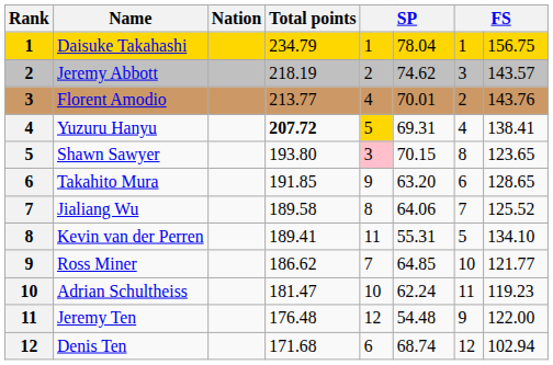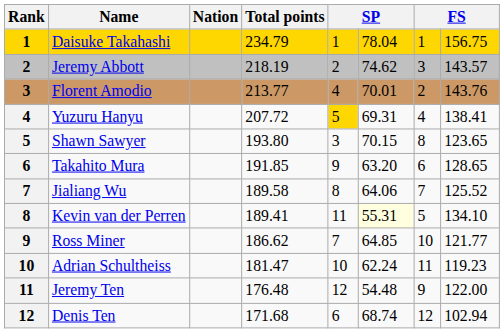 <table class="wikitable sortable">
 <tr>
 <th>Rank</th>
 <th>Name</th>
 <th>Nation</th>
 <th>Total points</th>
 <th colspan="2" width="80px"><a href='#'>SP</a></th>
 <th colspan="2" width="80px"><a href='#'>FS</a></th>
 </tr>
 <tr bgcolor="gold">
 <td align="center"><strong>1</strong></td>
 <td><a href='#'>Daisuke Takahashi</a></td>
 <td></td>
 <td>234.79</td>
 <td>1</td>
 <td>78.04</td>
 <td>1</td>
 <td>156.75</td>
 </tr>
 <tr bgcolor="silver">
 <td align="center"><strong>2</strong></td>
 <td><a href='#'>Jeremy Abbott</a></td>
 <td></td>
 <td>218.19</td>
 <td>2</td>
 <td>74.62</td>
 <td>3</td>
 <td>143.57</td>
 </tr>
 <tr bgcolor="cc9966">
 <td align="center"><strong>3</strong></td>
 <td><a href='#'>Florent Amodio</a></td>
 <td></td>
 <td>213.77</td>
 <td>4</td>
 <td>70.01</td>
 <td>2</td>
 <td>143.76</td>
 </tr>
 <tr>
 <th>4</th>
 <td><a href='#'>Yuzuru Hanyu</a></td>
 <td></td>
-<td><strong>207.72</strong></td>
+<td>207.72</td>
 <td style="background: gold;">5</td>
 <td>69.31</td>
 <td>4</td>
 <td>138.41</td>
 </tr>
 <tr>
 <th>5</th>
 <td><a href='#'>Shawn Sawyer</a></td>
 <td></td>
 <td>193.80</td>
-<td style="background: pink;">3</td>
+<td>3</td>
 <td>70.15</td>
 <td>8</td>
 <td>123.65</td>
 </tr>
 <tr>
 <th>6</th>
 <td><a href='#'>Takahito Mura</a></td>
 <td></td>
 <td>191.85</td>
 <td>9</td>
 <td>63.20</td>
 <td>6</td>
 <td>128.65</td>
 </tr>
 <tr>
 <th>7</th>
 <td><a href='#'>Jialiang Wu</a></td>
 <td></td>
 <td>189.58</td>
 <td>8</td>
 <td>64.06</td>
 <td>7</td>
 <td>125.52</td>
 </tr>
 <tr>
 <th>8</th>
 <td><a href='#'>Kevin van der Perren</a></td>
 <td></td>
 <td>189.41</td>
 <td>11</td>
-<td>55.31</td>
+<td style="background: lightyellow;">55.31</td>
 <td>5</td>
 <td>134.10</td>
 </tr>
 <tr>
 <th>9</th>
 <td><a href='#'>Ross Miner</a></td>
 <td></td>
 <td>186.62</td>
 <td>7</td>
 <td>64.85</td>
 <td>10</td>
 <td>121.77</td>
 </tr>
 <tr>
 <th>10</th>
 <td><a href='#'>Adrian Schultheiss</a></td>
 <td></td>
 <td>181.47</td>
 <td>10</td>
 <td>62.24</td>
 <td>11</td>
 <td>119.23</td>
 </tr>
 <tr>
 <th>11</th>
 <td><a href='#'>Jeremy Ten</a></td>
 <td></td>
 <td>176.48</td>
 <td>12</td>
 <td>54.48</td>
 <td>9</td>
 <td>122.00</td>
 </tr>
 <tr>
 <th>12</th>
 <td><a href='#'>Denis Ten</a></td>
 <td></td>
 <td>171.68</td>
 <td>6</td>
 <td>68.74</td>
 <td>12</td>
 <td>102.94</td>
 </tr>
 </table>
